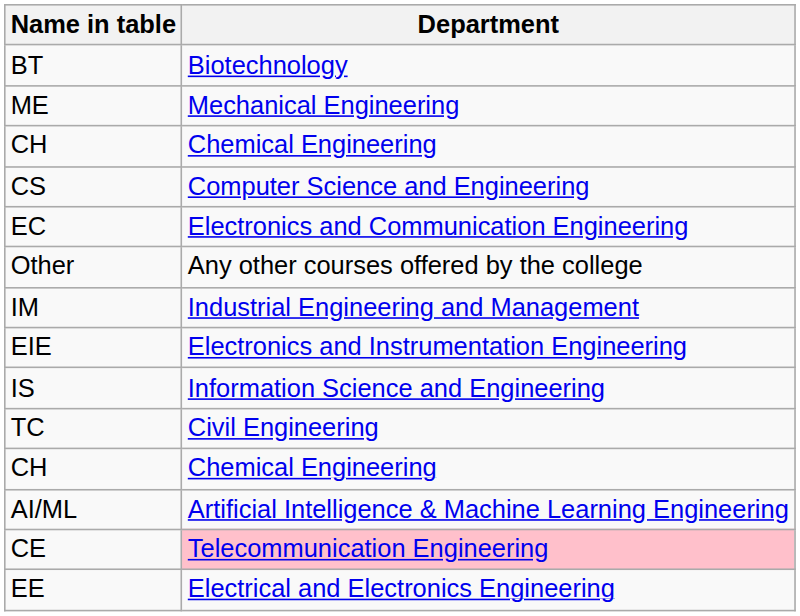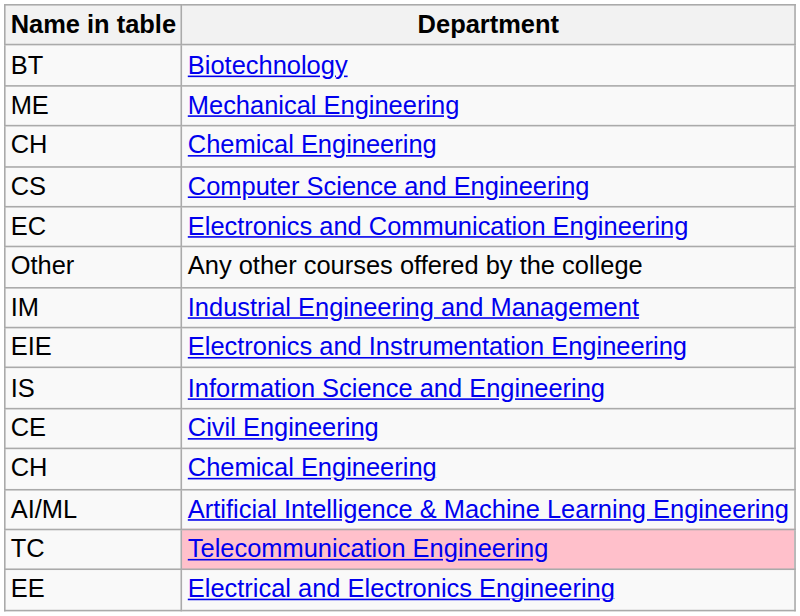 <table class="wikitable">
 <tr>
 <th>Name in table</th>
 <th>Department</th>
 </tr>
 <tr>
 <td>BT</td>
 <td><a href='#'>Biotechnology</a></td>
 </tr>
 <tr>
 <td>ME</td>
 <td><a href='#'>Mechanical Engineering</a></td>
 </tr>
 <tr>
 <td>CH</td>
 <td><a href='#'>Chemical Engineering</a></td>
 </tr>
 <tr>
 <td>CS</td>
 <td><a href='#'>Computer Science and Engineering</a></td>
 </tr>
 <tr>
 <td>EC</td>
 <td><a href='#'>Electronics and Communication Engineering</a></td>
 </tr>
 <tr>
 <td>Other</td>
 <td>Any other courses offered by the college</td>
 </tr>
 <tr>
 <td>IM</td>
 <td><a href='#'>Industrial Engineering and Management</a></td>
 </tr>
 <tr>
 <td>EIE</td>
 <td><a href='#'>Electronics and Instrumentation Engineering</a></td>
 </tr>
 <tr>
 <td>IS</td>
 <td><a href='#'>Information Science and Engineering</a></td>
 </tr>
 <tr>
-<td>TC</td>
+<td>CE</td>
 <td><a href='#'>Civil Engineering</a></td>
 </tr>
 <tr>
 <td>CH</td>
 <td><a href='#'>Chemical Engineering</a></td>
 </tr>
 <tr>
 <td>AI/ML</td>
 <td><a href='#'>Artificial Intelligence & Machine Learning Engineering</a></td>
 </tr>
 <tr>
-<td>CE</td>
+<td>TC</td>
 <td style="background: pink;"><a href='#'>Telecommunication Engineering</a></td>
 </tr>
 <tr>
 <td>EE</td>
 <td><a href='#'>Electrical and Electronics Engineering</a></td>
 </tr>
 </table>
